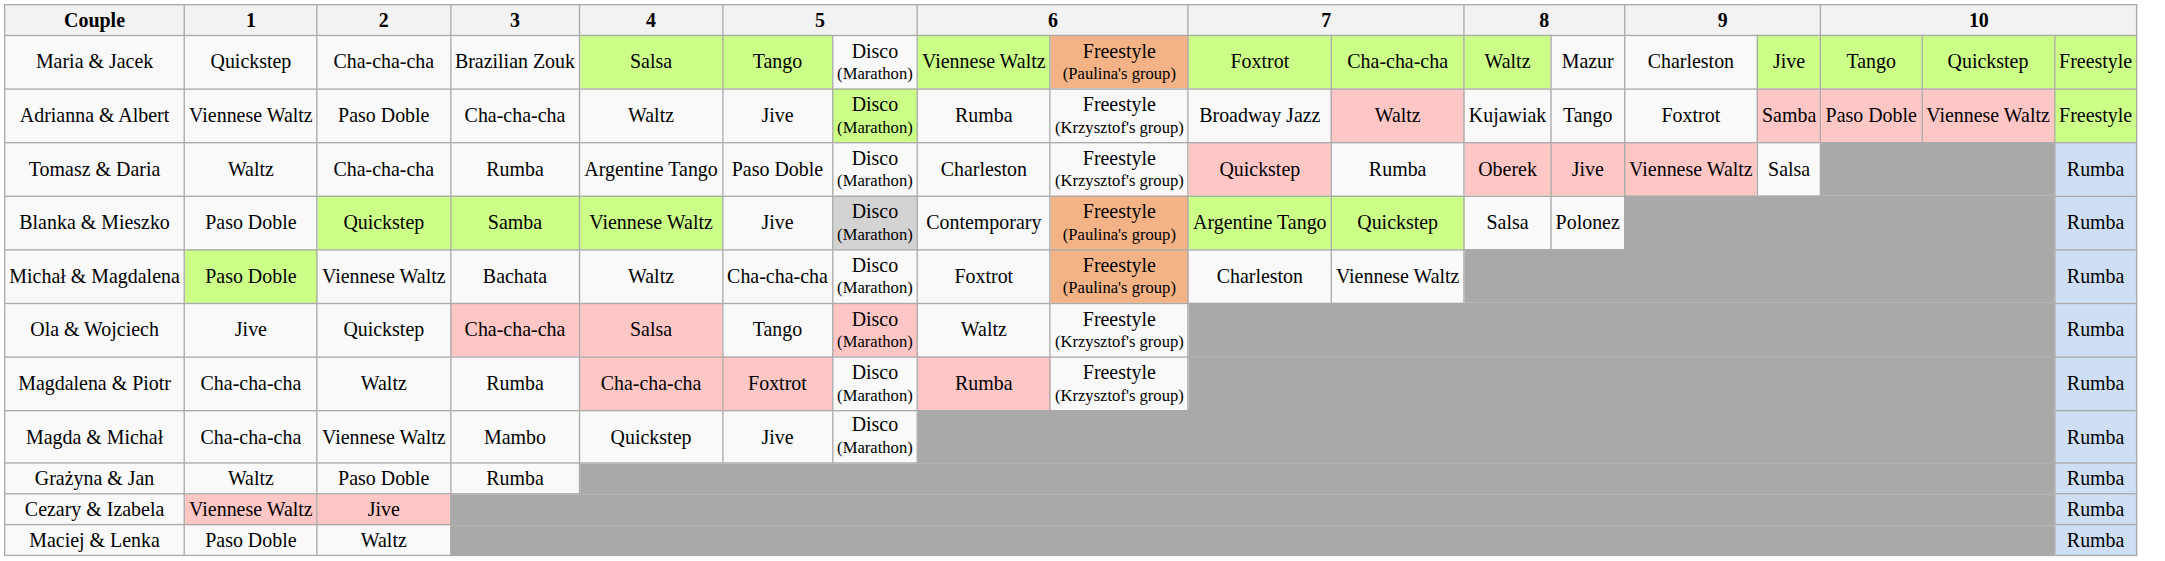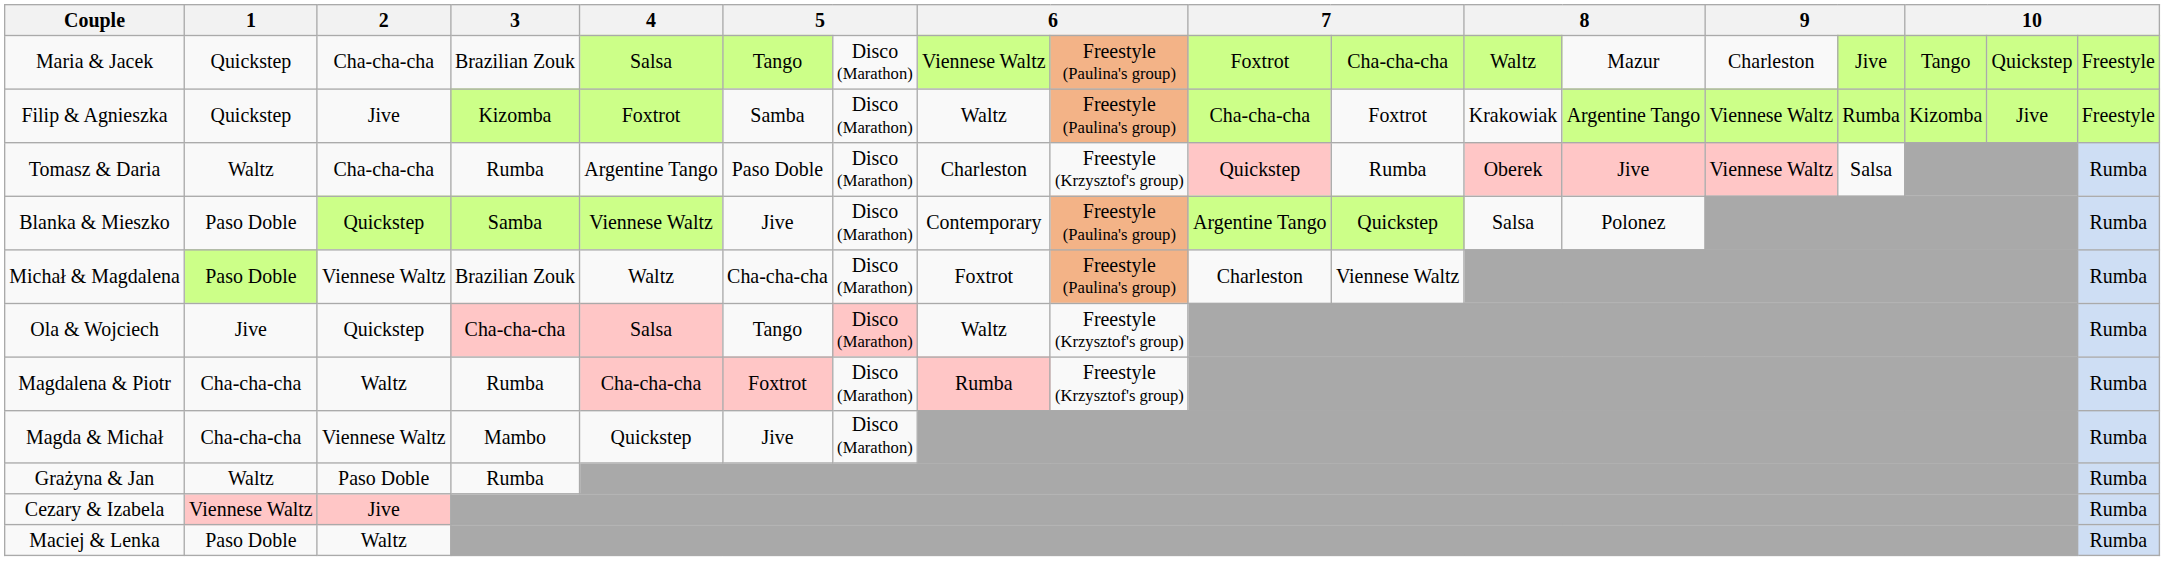 <table class="wikitable" style="text-align:center; font-size:93%; line-height:16px">
 <tr>
 <th>Couple</th>
 <th>1</th>
 <th>2</th>
 <th>3</th>
 <th>4</th>
 <th colspan="2">5</th>
 <th colspan="2">6</th>
 <th colspan="2">7</th>
 <th colspan="2">8</th>
 <th colspan="2">9</th>
 <th colspan="3">10</th>
 </tr>
 <tr>
 <td>Maria & Jacek</td>
 <td>Quickstep</td>
 <td>Cha-cha-cha</td>
 <td>Brazilian Zouk</td>
 <td style="background:#ccff88;">Salsa</td>
 <td style="background:#ccff88;">Tango</td>
 <td>Disco<br><small>(Marathon)</small></td>
 <td style="background:#ccff88;">Viennese Waltz</td>
 <td style="background:#F3B387;">Freestyle<br><small>(Paulina's group)</small></td>
 <td style="background:#ccff88;">Foxtrot</td>
 <td style="background:#ccff88;">Cha-cha-cha</td>
 <td style="background:#ccff88;">Waltz</td>
 <td>Mazur</td>
 <td>Charleston</td>
 <td style="background:#ccff88;">Jive</td>
 <td style="background:#ccff88;">Tango</td>
 <td style="background:#ccff88;">Quickstep</td>
 <td style="background:#ccff88;">Freestyle</td>
 </tr>
 <tr>
-<td>Adrianna & Albert</td>
-<td>Viennese Waltz</td>
-<td>Paso Doble</td>
-<td>Cha-cha-cha</td>
+<td>Filip & Agnieszka</td>
+<td>Quickstep</td>
+<td>Jive</td>
+<td style="background:#ccff88;">Kizomba</td>
+<td style="background:#ccff88;">Foxtrot</td>
+<td>Samba</td>
+<td>Disco<br><small>(Marathon)</small></td>
 <td>Waltz</td>
-<td>Jive</td>
-<td style="background:#ccff88;">Disco<br><small>(Marathon)</small></td>
-<td>Rumba</td>
-<td>Freestyle<br><small>(Krzysztof's group)</small></td>
-<td>Broadway Jazz</td>
-<td style="background:#ffc6c6;">Waltz</td>
-<td>Kujawiak</td>
-<td>Tango</td>
+<td style="background:#F3B387;">Freestyle<br><small>(Paulina's group)</small></td>
+<td style="background:#ccff88;">Cha-cha-cha</td>
 <td>Foxtrot</td>
-<td style="background:#ffc6c6;">Samba</td>
-<td style="background:#ffc6c6;">Paso Doble</td>
-<td style="background:#ffc6c6;">Viennese Waltz</td>
+<td>Krakowiak</td>
+<td style="background:#ccff88;">Argentine Tango</td>
+<td style="background:#ccff88;">Viennese Waltz</td>
+<td style="background:#ccff88;">Rumba</td>
+<td style="background:#ccff88;">Kizomba</td>
+<td style="background:#ccff88;">Jive</td>
 <td style="background:#ccff88;">Freestyle</td>
 </tr>
 <tr>
 <td>Tomasz & Daria</td>
 <td>Waltz</td>
 <td>Cha-cha-cha</td>
 <td>Rumba</td>
 <td>Argentine Tango</td>
 <td>Paso Doble</td>
 <td>Disco<br><small>(Marathon)</small></td>
 <td>Charleston</td>
 <td>Freestyle<br><small>(Krzysztof's group)</small></td>
 <td style="background:#ffc6c6;">Quickstep</td>
 <td>Rumba</td>
 <td style="background:#ffc6c6;">Oberek</td>
 <td style="background:#ffc6c6;">Jive</td>
 <td style="background:#ffc6c6;">Viennese Waltz</td>
 <td>Salsa</td>
 <td style="background:darkgrey;" colspan="2"></td>
 <td style="background:#CEDEF4">Rumba</td>
 </tr>
 <tr>
 <td>Blanka & Mieszko</td>
 <td>Paso Doble</td>
 <td style="background:#ccff88;">Quickstep</td>
 <td style="background:#ccff88;">Samba</td>
 <td style="background:#ccff88;">Viennese Waltz</td>
 <td>Jive</td>
-<td style="background: lightgrey;">Disco<br><small>(Marathon)</small></td>
+<td>Disco<br><small>(Marathon)</small></td>
 <td>Contemporary</td>
 <td style="background:#F3B387;">Freestyle<br><small>(Paulina's group)</small></td>
 <td style="background:#ccff88;">Argentine Tango</td>
 <td style="background:#ccff88;">Quickstep</td>
 <td>Salsa</td>
 <td>Polonez</td>
 <td style="background:darkgrey;" colspan="4"></td>
 <td style="background:#CEDEF4">Rumba</td>
 </tr>
 <tr>
 <td>Michał & Magdalena</td>
 <td style="background:#ccff88;">Paso Doble</td>
 <td>Viennese Waltz</td>
-<td>Bachata</td>
+<td>Brazilian Zouk</td>
 <td>Waltz</td>
 <td>Cha-cha-cha</td>
 <td>Disco<br><small>(Marathon)</small></td>
 <td>Foxtrot</td>
 <td style="background:#F3B387;">Freestyle<br><small>(Paulina's group)</small></td>
 <td>Charleston</td>
 <td>Viennese Waltz</td>
 <td style="background:darkgrey;" colspan="6"></td>
 <td style="background:#CEDEF4">Rumba</td>
 </tr>
 <tr>
 <td>Ola & Wojciech</td>
 <td>Jive</td>
 <td>Quickstep</td>
 <td style="background:#ffc6c6;">Cha-cha-cha</td>
 <td style="background:#ffc6c6;">Salsa</td>
 <td>Tango</td>
 <td style="background:#ffc6c6;">Disco<br><small>(Marathon)</small></td>
 <td>Waltz</td>
 <td>Freestyle<br><small>(Krzysztof's group)</small></td>
 <td style="background:darkgrey;" colspan="8"></td>
 <td style="background:#CEDEF4">Rumba</td>
 </tr>
 <tr>
 <td>Magdalena & Piotr</td>
 <td>Cha-cha-cha</td>
 <td>Waltz</td>
 <td>Rumba</td>
 <td style="background:#ffc6c6;">Cha-cha-cha</td>
 <td style="background:#ffc6c6;">Foxtrot</td>
 <td>Disco<br><small>(Marathon)</small></td>
 <td style="background:#ffc6c6;">Rumba</td>
 <td>Freestyle<br><small>(Krzysztof's group)</small></td>
 <td style="background:darkgrey;" colspan="8"></td>
 <td style="background:#CEDEF4">Rumba</td>
 </tr>
 <tr>
 <td>Magda & Michał</td>
 <td>Cha-cha-cha</td>
 <td>Viennese Waltz</td>
 <td>Mambo</td>
 <td>Quickstep</td>
 <td>Jive</td>
 <td>Disco<br><small>(Marathon)</small></td>
 <td style="background:darkgrey;" colspan="10"></td>
 <td style="background:#CEDEF4">Rumba</td>
 </tr>
 <tr>
 <td>Grażyna & Jan</td>
 <td>Waltz</td>
 <td>Paso Doble</td>
 <td>Rumba</td>
 <td style="background:darkgrey;" colspan="13"></td>
 <td style="background:#CEDEF4">Rumba</td>
 </tr>
 <tr>
 <td>Cezary & Izabela</td>
 <td style="background:#ffc6c6;">Viennese Waltz</td>
 <td style="background:#ffc6c6;">Jive</td>
 <td style="background:darkgrey;" colspan="14"></td>
 <td style="background:#CEDEF4">Rumba</td>
 </tr>
 <tr>
 <td>Maciej & Lenka</td>
 <td>Paso Doble</td>
 <td>Waltz</td>
 <td style="background:darkgrey;" colspan="14"></td>
 <td style="background:#CEDEF4">Rumba</td>
 </tr>
 </table>
